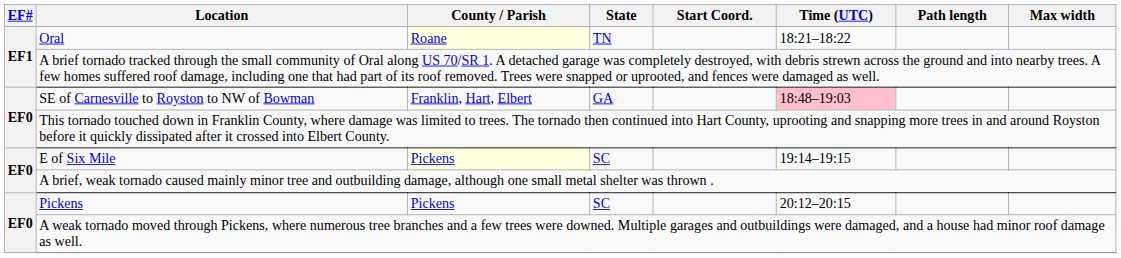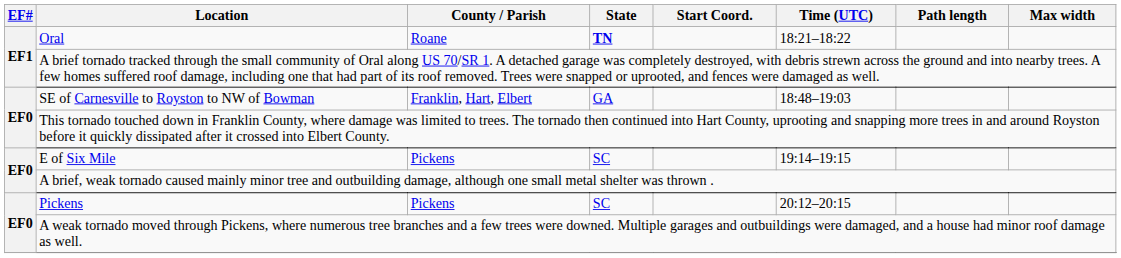 <table class="wikitable sortable" style="width:100%;">
 <tr>
 <th scope="col" width="2%" align="center"><a href='#'>EF#</a></th>
 <th scope="col" align="center" class="unsortable">Location</th>
 <th scope="col" align="center" class="unsortable">County / Parish</th>
 <th scope="col" align="center">State</th>
 <th scope="col" align="center">Start Coord.</th>
 <th scope="col" align="center">Time (<a href='#'>UTC</a>)</th>
 <th scope="col" align="center">Path length</th>
 <th scope="col" align="center">Max width</th>
 </tr>
 <tr>
 <th scope="row" rowspan="2" style="background-color:#">EF1</th>
 <td><a href='#'>Oral</a></td>
-<td style="background: lightyellow;"><a href='#'>Roane</a></td>
-<td><a href='#'>TN</a></td>
+<td><a href='#'>Roane</a></td>
+<td><strong><a href='#'>TN</a></strong></td>
 <td></td>
 <td>18:21–18:22</td>
 <td></td>
 <td></td>
 </tr>
 <tr class="expand-child">
 <td colspan="8" style=" border-bottom: 1px solid black;">A brief tornado tracked through the small community of Oral along <a href='#'>US 70</a>/<a href='#'>SR 1</a>. A detached garage was completely destroyed, with debris strewn across the ground and into nearby trees. A few homes suffered roof damage, including one that had part of its roof removed. Trees were snapped or uprooted, and fences were damaged as well.</td>
 </tr>
 <tr>
 <th scope="row" rowspan="2" style="background-color:#">EF0</th>
 <td>SE of <a href='#'>Carnesville</a> to <a href='#'>Royston</a> to NW of <a href='#'>Bowman</a></td>
 <td><a href='#'>Franklin</a>, <a href='#'>Hart</a>, <a href='#'>Elbert</a></td>
 <td><a href='#'>GA</a></td>
 <td></td>
-<td style="background: pink;">18:48–19:03</td>
+<td>18:48–19:03</td>
 <td></td>
 <td></td>
 </tr>
 <tr class="expand-child">
 <td colspan="8" style=" border-bottom: 1px solid black;">This tornado touched down in Franklin County, where damage was limited to trees. The tornado then continued into Hart County, uprooting and snapping more trees in and around Royston before it quickly dissipated after it crossed into Elbert County.</td>
 </tr>
 <tr>
 <th scope="row" rowspan="2" style="background-color:#">EF0</th>
 <td>E of <a href='#'>Six Mile</a></td>
-<td style="background: lightyellow;"><a href='#'>Pickens</a></td>
+<td><a href='#'>Pickens</a></td>
 <td><a href='#'>SC</a></td>
 <td></td>
 <td>19:14–19:15</td>
 <td></td>
 <td></td>
 </tr>
 <tr class="expand-child">
 <td colspan="8" style=" border-bottom: 1px solid black;">A brief, weak tornado caused mainly minor tree and outbuilding damage, although one small metal shelter was thrown .</td>
 </tr>
 <tr>
 <th scope="row" rowspan="2" style="background-color:#">EF0</th>
 <td><a href='#'>Pickens</a></td>
 <td><a href='#'>Pickens</a></td>
 <td><a href='#'>SC</a></td>
 <td></td>
 <td>20:12–20:15</td>
 <td></td>
 <td></td>
 </tr>
 <tr class="expand-child">
 <td colspan="8" style=" border-bottom: 1px solid black;">A weak tornado moved through Pickens, where numerous tree branches and a few trees were downed. Multiple garages and outbuildings were damaged, and a house had minor roof damage as well.</td>
 </tr>
 <tr>
 </tr>
 </table>
